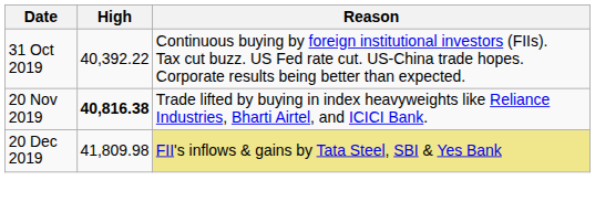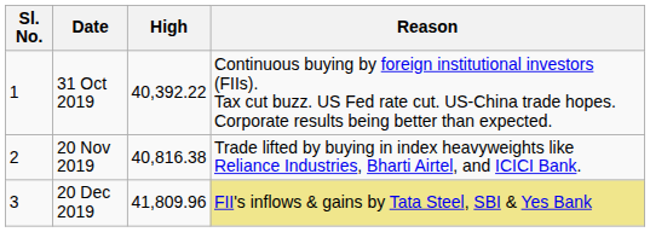 <table class="wikitable">
 <tr>
+<th>Sl. No.</th>
 <th>Date</th>
 <th>High</th>
 <th>Reason</th>
 </tr>
 <tr>
+<td>1</td>
 <td>31 Oct 2019</td>
 <td>40,392.22</td>
 <td>Continuous buying by <a href='#'>foreign institutional investors</a> (FIIs).<br>Tax cut buzz. US Fed rate cut. US-China trade hopes. Corporate results being better than expected.</td>
 </tr>
 <tr>
+<td>2</td>
 <td>20 Nov 2019</td>
-<td><strong>40,816.38</strong></td>
+<td>40,816.38</td>
 <td>Trade lifted by buying in index heavyweights like <a href='#'>Reliance Industries</a>, <a href='#'>Bharti Airtel</a>, and <a href='#'>ICICI Bank</a>.</td>
 </tr>
 <tr>
+<td>3</td>
 <td>20 Dec 2019</td>
-<td>41,809.98</td>
+<td>41,809.96</td>
 <td style="background: khaki;"><a href='#'>FII</a>'s inflows & gains by <a href='#'>Tata Steel</a>, <a href='#'>SBI</a> & <a href='#'>Yes Bank</a></td>
 </tr>
 </table>
